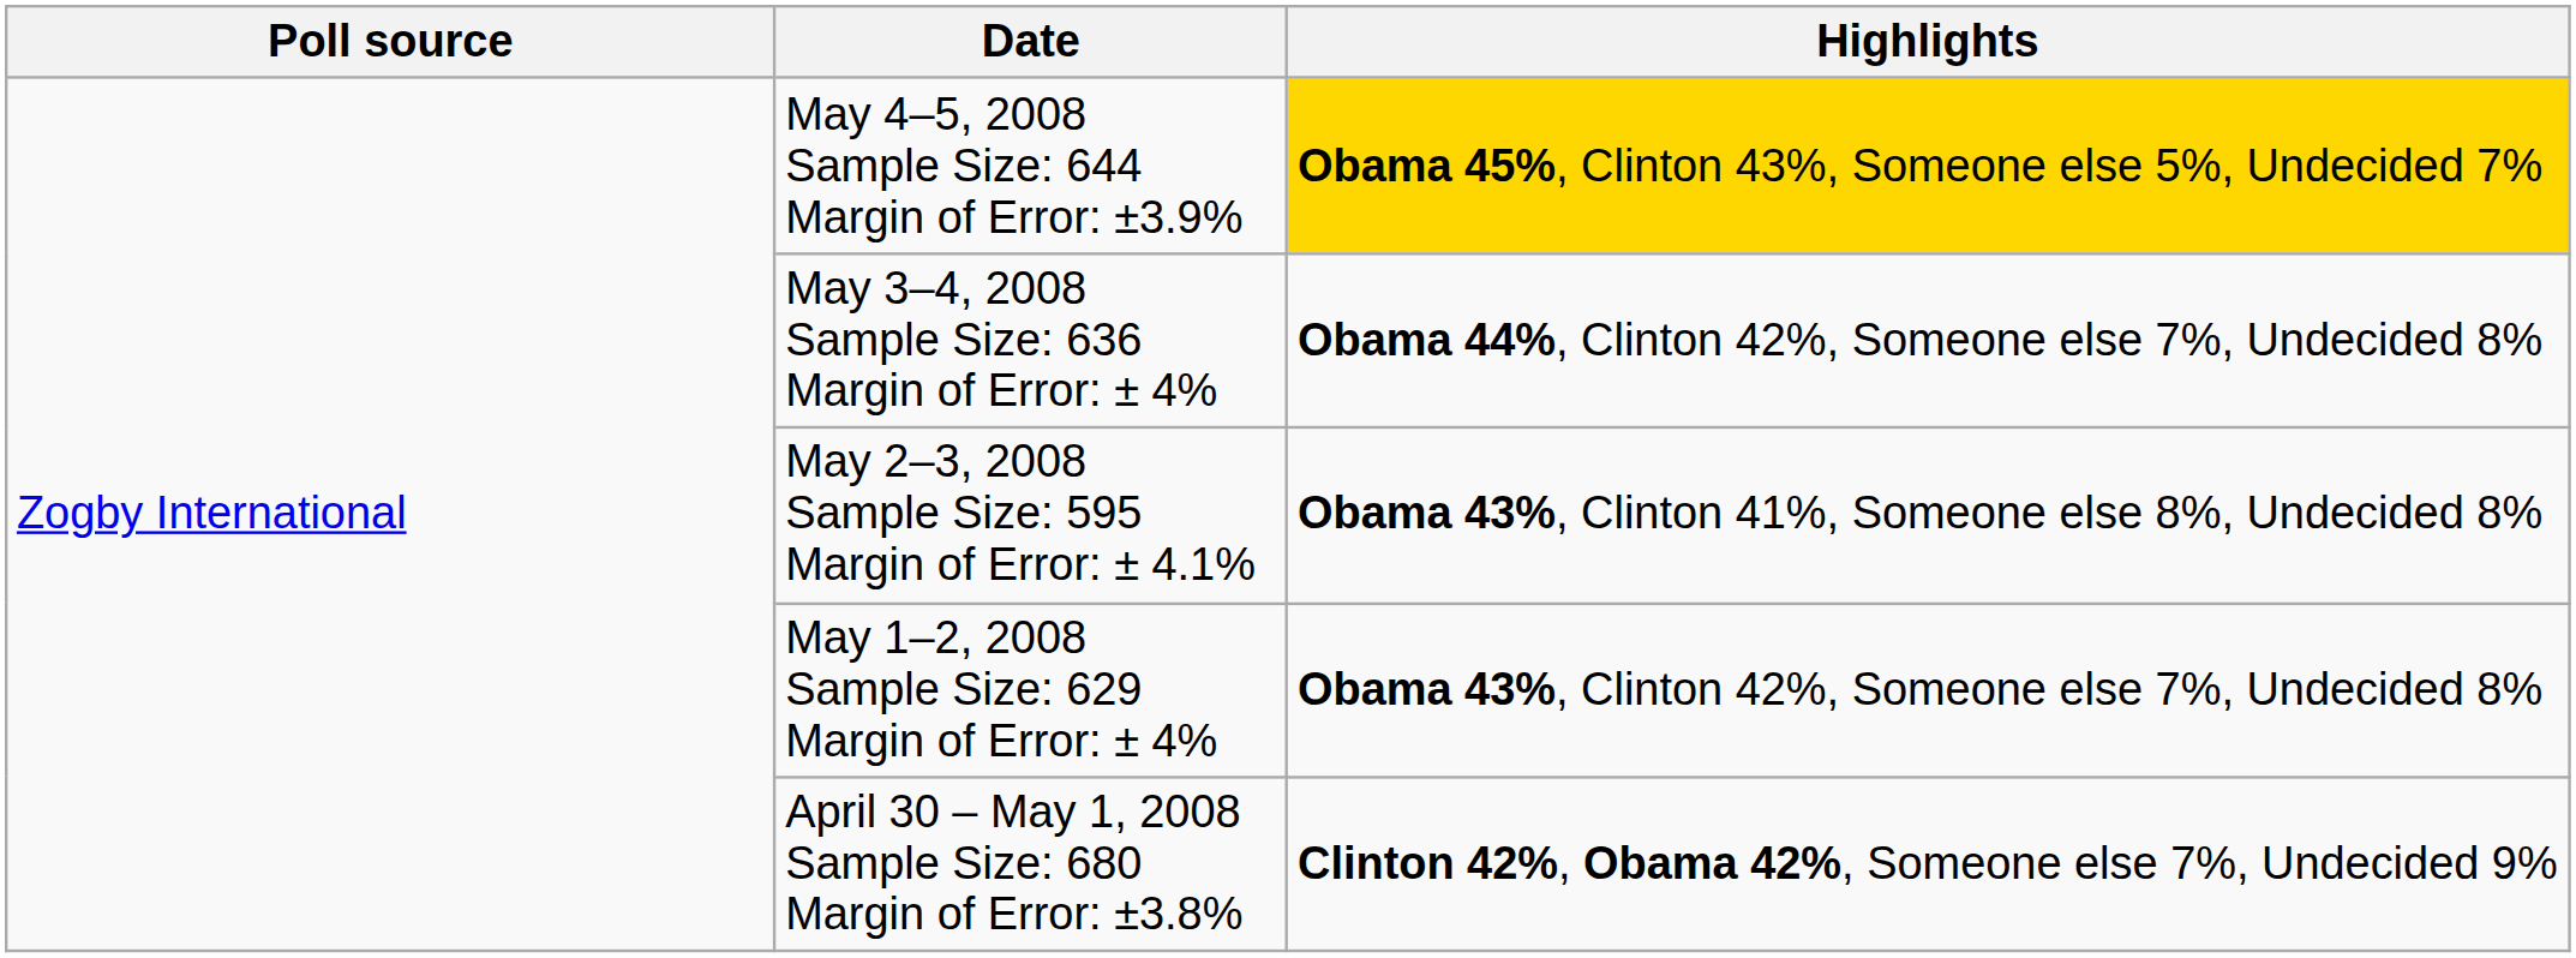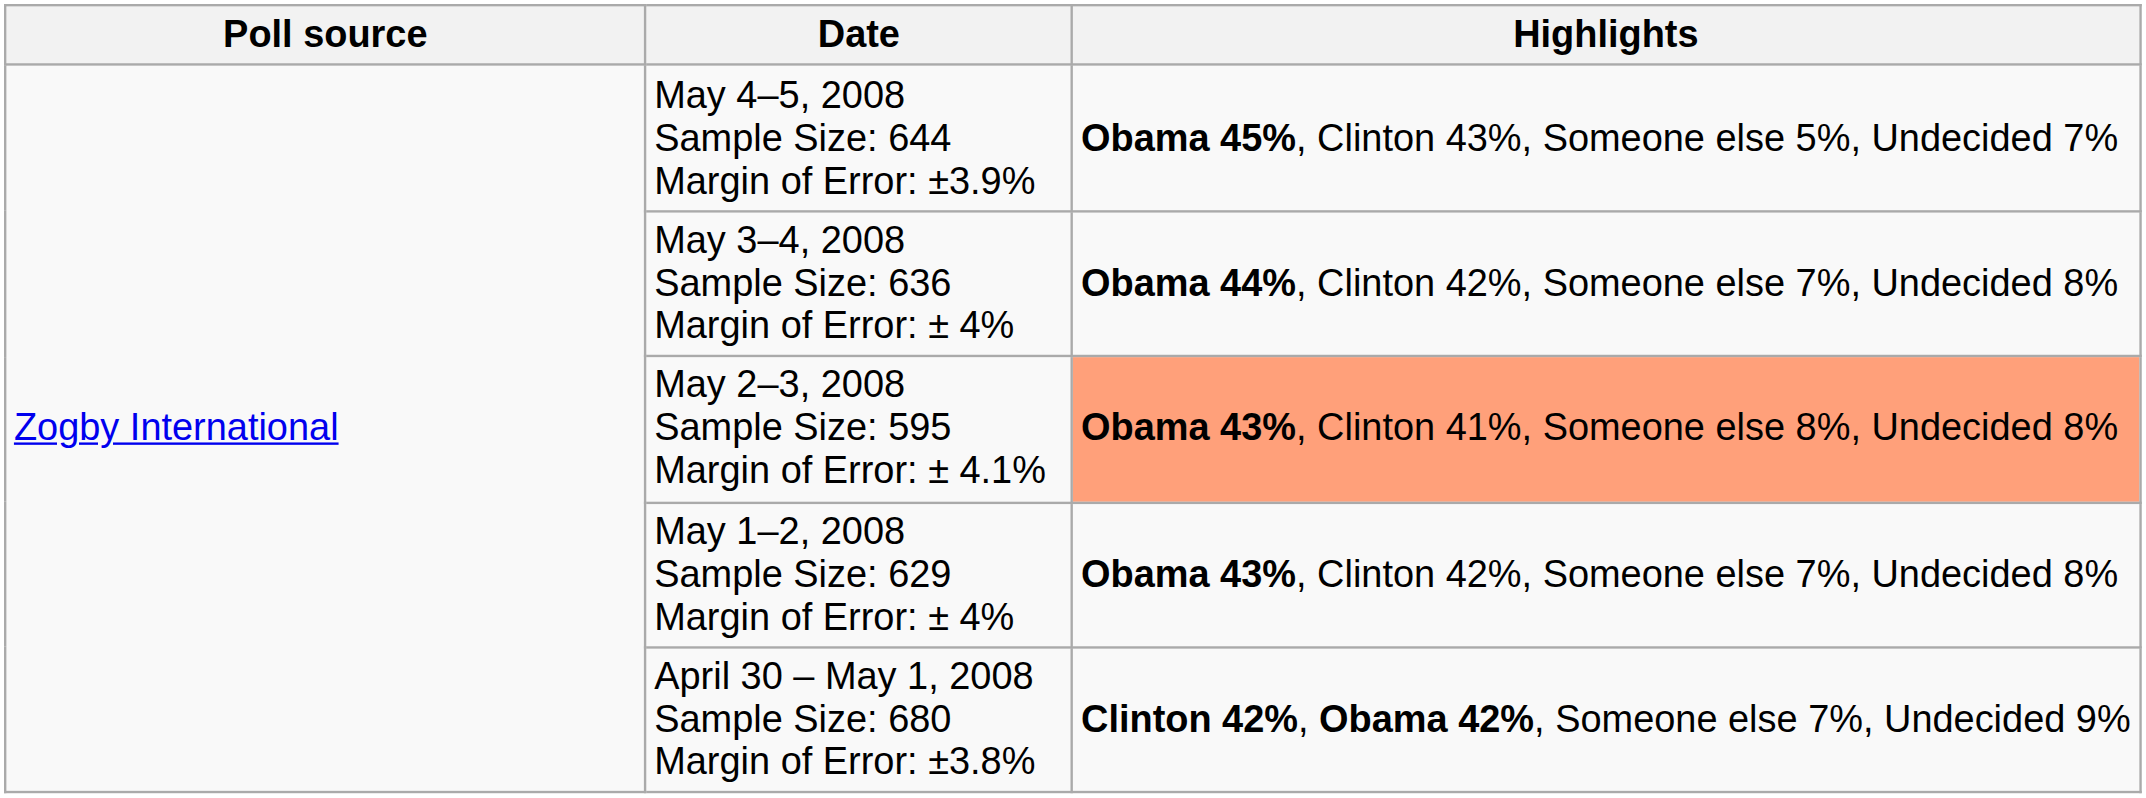 <table class="wikitable sortable">
 <tr>
 <th width="30%">Poll source</th>
 <th width="20%">Date</th>
 <th width="50%">Highlights</th>
 </tr>
 <tr>
 <td rowspan=5><a href='#'>Zogby International</a></td>
 <td>May 4–5, 2008<br>Sample Size: 644<br>Margin of Error: ±3.9%</td>
-<td style="background: gold;"><strong>Obama 45%</strong>, Clinton 43%, Someone else 5%, Undecided 7%</td>
+<td><strong>Obama 45%</strong>, Clinton 43%, Someone else 5%, Undecided 7%</td>
 </tr>
 <tr>
 <td>May 3–4, 2008<br>Sample Size: 636<br>Margin of Error: ± 4%</td>
 <td><strong>Obama 44%</strong>, Clinton 42%, Someone else 7%, Undecided 8%</td>
 </tr>
 <tr>
 <td>May 2–3, 2008<br>Sample Size: 595<br>Margin of Error: ± 4.1%</td>
-<td><strong>Obama 43%</strong>, Clinton 41%, Someone else 8%, Undecided 8%</td>
+<td style="background: lightsalmon;"><strong>Obama 43%</strong>, Clinton 41%, Someone else 8%, Undecided 8%</td>
 </tr>
 <tr>
 <td>May 1–2, 2008<br>Sample Size: 629<br>Margin of Error: ± 4%</td>
 <td><strong>Obama 43%</strong>, Clinton 42%, Someone else 7%, Undecided 8%</td>
 </tr>
 <tr>
 <td>April 30 – May 1, 2008<br>Sample Size: 680<br>Margin of Error: ±3.8%</td>
 <td><strong>Clinton 42%</strong>, <strong>Obama 42%</strong>, Someone else 7%, Undecided 9%</td>
 </tr>
 </table>
